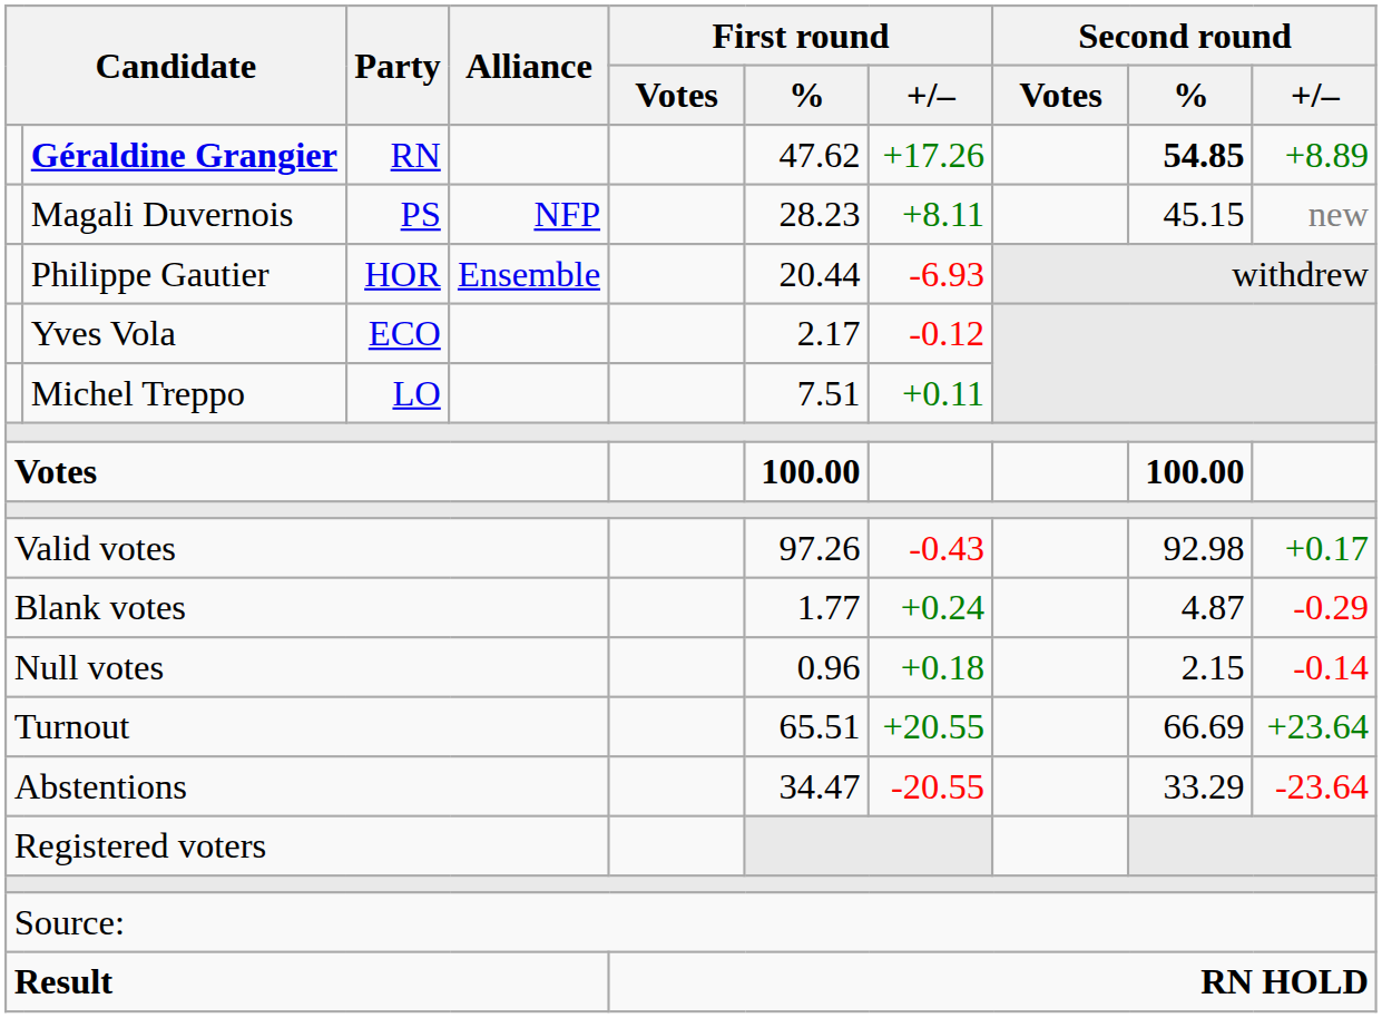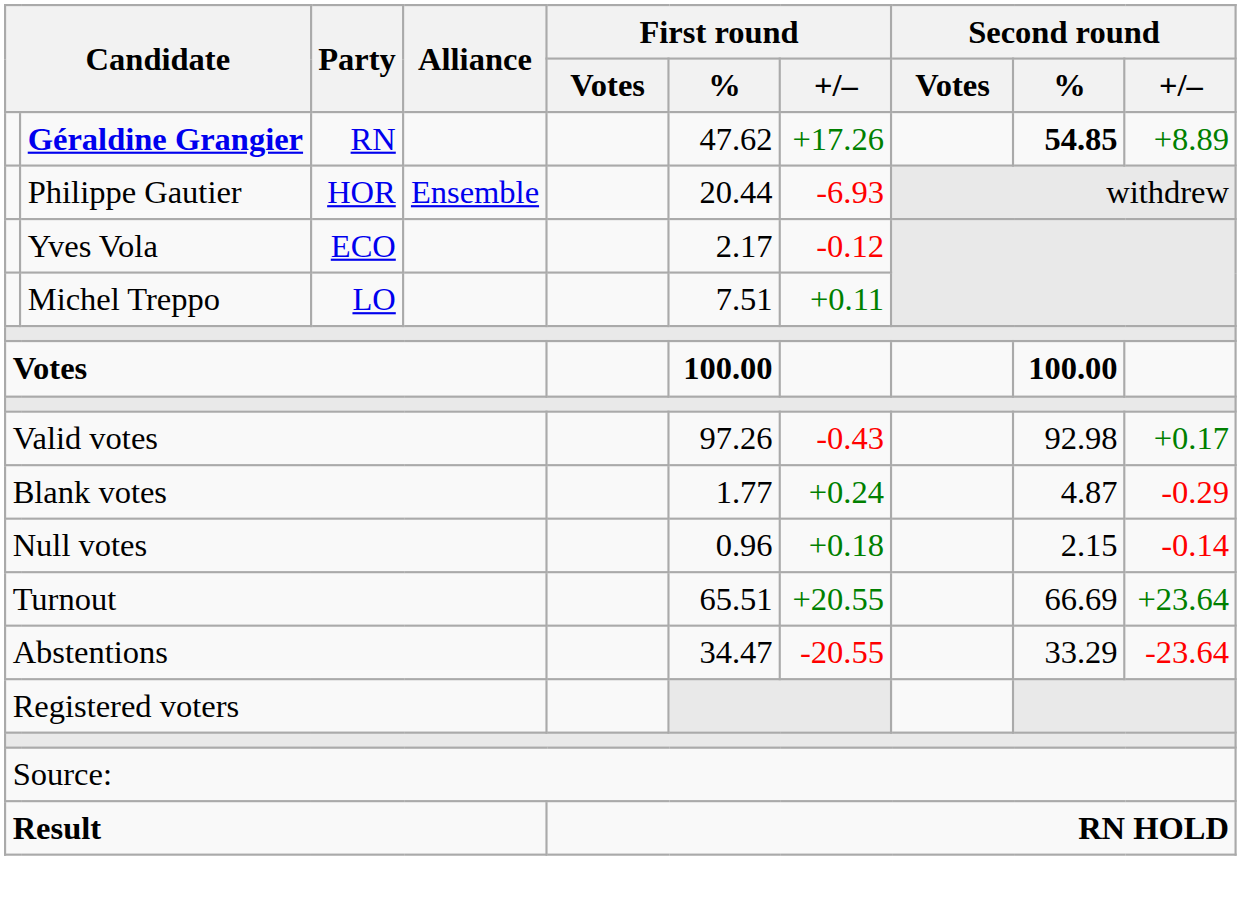 <table class="wikitable" style="text-align:right;font-size:95%;">
 <tr>
 <th rowspan="2" colspan="2">Candidate</th>
 <th colspan="1" rowspan="2">Party</th>
 <th colspan="1" rowspan="2">Alliance</th>
 <th colspan="3">First round</th>
 <th colspan="3">Second round</th>
 </tr>
 <tr>
 <th style="width:50px;">Votes</th>
 <th style="width:45px;">%</th>
 <th style="width:45px;">+/–</th>
 <th style="width:50px;">Votes</th>
 <th style="width:45px;">%</th>
 <th style="width:45px;">+/–</th>
 </tr>
 <tr>
 <td style="color:inherit;background:"></td>
 <td style="text-align:left;"><strong><a href='#'>Géraldine Grangier</a></strong></td>
 <td><a href='#'>RN</a></td>
 <td></td>
 <td></td>
 <td>47.62</td>
 <td style="color:green;">+17.26</td>
 <td><strong></strong></td>
 <td><strong>54.85</strong></td>
 <td style="color:green;">+8.89</td>
-</tr>
-<tr>
-<td style="color:inherit;background:"></td>
-<td style="text-align:left;">Magali Duvernois</td>
-<td><a href='#'>PS</a></td>
-<td><a href='#'>NFP</a></td>
-<td></td>
-<td>28.23</td>
-<td style="color:green;">+8.11</td>
-<td></td>
-<td>45.15</td>
-<td style="color:grey;">new</td>
 </tr>
 <tr>
 <td style="color:inherit;background:"></td>
 <td style="text-align:left;">Philippe Gautier</td>
 <td><a href='#'>HOR</a></td>
 <td><a href='#'>Ensemble</a></td>
 <td></td>
 <td>20.44</td>
 <td style="color:red;">-6.93</td>
 <td colspan="3" style="background:#E9E9E9;">withdrew</td>
 </tr>
 <tr>
 <td style="color:inherit;background:"></td>
 <td style="text-align:left;">Yves Vola</td>
 <td><a href='#'>ECO</a></td>
 <td></td>
 <td></td>
 <td>2.17</td>
 <td style="color:red;">-0.12</td>
 <td colspan="3" rowspan="2" style="background:#E9E9E9;"></td>
 </tr>
 <tr>
 <td style="color:inherit;background:"></td>
 <td style="text-align:left;">Michel Treppo</td>
 <td><a href='#'>LO</a></td>
 <td></td>
 <td></td>
 <td>7.51</td>
 <td style="color:green;">+0.11</td>
 </tr>
 <tr>
 <td colspan="10" style="background:#E9E9E9;"></td>
 </tr>
 <tr style="font-weight:bold;">
 <td colspan="4" style="text-align:left;">Votes</td>
 <td></td>
 <td>100.00</td>
 <td></td>
 <td></td>
 <td>100.00</td>
 <td></td>
 </tr>
 <tr>
 <td colspan="10" style="background:#E9E9E9;"></td>
 </tr>
 <tr>
 <td colspan="4" style="text-align:left;">Valid votes</td>
 <td></td>
 <td>97.26</td>
 <td style="color:red;">-0.43</td>
 <td></td>
 <td>92.98</td>
 <td style="color:green;">+0.17</td>
 </tr>
 <tr>
 <td colspan="4" style="text-align:left;">Blank votes</td>
 <td></td>
 <td>1.77</td>
 <td style="color:green;">+0.24</td>
 <td></td>
 <td>4.87</td>
 <td style="color:red;">-0.29</td>
 </tr>
 <tr>
 <td colspan="4" style="text-align:left;">Null votes</td>
 <td></td>
 <td>0.96</td>
 <td style="color:green;">+0.18</td>
 <td></td>
 <td>2.15</td>
 <td style="color:red;">-0.14</td>
 </tr>
 <tr>
 <td colspan="4" style="text-align:left;">Turnout</td>
 <td></td>
 <td>65.51</td>
 <td style="color:green;">+20.55</td>
 <td></td>
 <td>66.69</td>
 <td style="color:green;">+23.64</td>
 </tr>
 <tr>
 <td colspan="4" style="text-align:left;">Abstentions</td>
 <td></td>
 <td>34.47</td>
 <td style="color:red;">-20.55</td>
 <td></td>
 <td>33.29</td>
 <td style="color:red;">-23.64</td>
 </tr>
 <tr>
 <td colspan="4" style="text-align:left;">Registered voters</td>
 <td></td>
 <td colspan="2" style="background:#E9E9E9;"></td>
 <td></td>
 <td colspan="2" style="background:#E9E9E9;"></td>
 </tr>
 <tr>
 <td colspan="10" style="background:#E9E9E9;"></td>
 </tr>
 <tr>
 <td colspan="10" style="text-align:left;">Source: </td>
 </tr>
 <tr style="font-weight:bold">
 <td colspan="4" style="text-align:left;">Result</td>
 <td colspan="6" style="background-color:">RN HOLD</td>
 </tr>
 </table>
